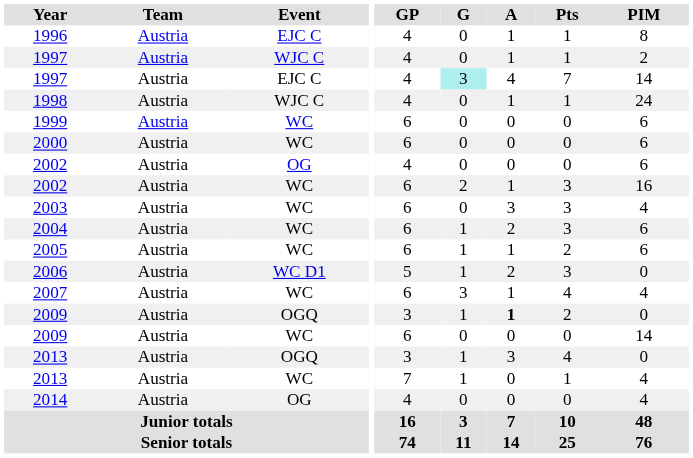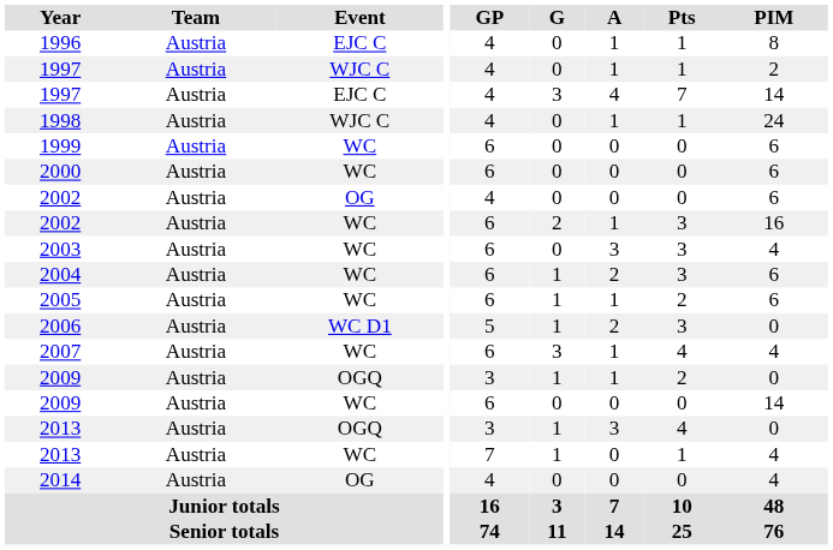 <table border="0" cellpadding="1" cellspacing="0" style="text-align:center; width:40em">
 <tr bgcolor="#e0e0e0">
 <th>Year</th>
 <th>Team</th>
 <th>Event</th>
 <th rowspan="99" bgcolor="#ffffff"></th>
 <th>GP</th>
 <th>G</th>
 <th>A</th>
 <th>Pts</th>
 <th>PIM</th>
 </tr>
 <tr>
 <td><a href='#'>1996</a></td>
 <td><a href='#'>Austria</a></td>
 <td><a href='#'>EJC C</a></td>
 <td>4</td>
 <td>0</td>
 <td>1</td>
 <td>1</td>
 <td>8</td>
 </tr>
 <tr bgcolor="#f0f0f0">
 <td><a href='#'>1997</a></td>
 <td><a href='#'>Austria</a></td>
 <td><a href='#'>WJC C</a></td>
 <td>4</td>
 <td>0</td>
 <td>1</td>
 <td>1</td>
 <td>2</td>
 </tr>
 <tr>
 <td><a href='#'>1997</a></td>
 <td>Austria</td>
 <td>EJC C</td>
 <td>4</td>
-<td style="background: paleturquoise;">3</td>
+<td>3</td>
 <td>4</td>
 <td>7</td>
 <td>14</td>
 </tr>
 <tr bgcolor="#f0f0f0">
 <td><a href='#'>1998</a></td>
 <td>Austria</td>
 <td>WJC C</td>
 <td>4</td>
 <td>0</td>
 <td>1</td>
 <td>1</td>
 <td>24</td>
 </tr>
 <tr>
 <td><a href='#'>1999</a></td>
 <td><a href='#'>Austria</a></td>
 <td><a href='#'>WC</a></td>
 <td>6</td>
 <td>0</td>
 <td>0</td>
 <td>0</td>
 <td>6</td>
 </tr>
 <tr bgcolor="#f0f0f0">
 <td><a href='#'>2000</a></td>
 <td>Austria</td>
 <td>WC</td>
 <td>6</td>
 <td>0</td>
 <td>0</td>
 <td>0</td>
 <td>6</td>
 </tr>
 <tr>
 <td><a href='#'>2002</a></td>
 <td>Austria</td>
 <td><a href='#'>OG</a></td>
 <td>4</td>
 <td>0</td>
 <td>0</td>
 <td>0</td>
 <td>6</td>
 </tr>
 <tr bgcolor="#f0f0f0">
 <td><a href='#'>2002</a></td>
 <td>Austria</td>
 <td>WC</td>
 <td>6</td>
 <td>2</td>
 <td>1</td>
 <td>3</td>
 <td>16</td>
 </tr>
 <tr>
 <td><a href='#'>2003</a></td>
 <td>Austria</td>
 <td>WC</td>
 <td>6</td>
 <td>0</td>
 <td>3</td>
 <td>3</td>
 <td>4</td>
 </tr>
 <tr bgcolor="#f0f0f0">
 <td><a href='#'>2004</a></td>
 <td>Austria</td>
 <td>WC</td>
 <td>6</td>
 <td>1</td>
 <td>2</td>
 <td>3</td>
 <td>6</td>
 </tr>
 <tr>
 <td><a href='#'>2005</a></td>
 <td>Austria</td>
 <td>WC</td>
 <td>6</td>
 <td>1</td>
 <td>1</td>
 <td>2</td>
 <td>6</td>
 </tr>
 <tr bgcolor="#f0f0f0">
 <td><a href='#'>2006</a></td>
 <td>Austria</td>
 <td><a href='#'>WC D1</a></td>
 <td>5</td>
 <td>1</td>
 <td>2</td>
 <td>3</td>
 <td>0</td>
 </tr>
 <tr>
 <td><a href='#'>2007</a></td>
 <td>Austria</td>
 <td>WC</td>
 <td>6</td>
 <td>3</td>
 <td>1</td>
 <td>4</td>
 <td>4</td>
 </tr>
 <tr bgcolor="#f0f0f0">
 <td><a href='#'>2009</a></td>
 <td>Austria</td>
 <td>OGQ</td>
 <td>3</td>
 <td>1</td>
-<td><strong>1</strong></td>
+<td>1</td>
 <td>2</td>
 <td>0</td>
 </tr>
 <tr>
 <td><a href='#'>2009</a></td>
 <td>Austria</td>
 <td>WC</td>
 <td>6</td>
 <td>0</td>
 <td>0</td>
 <td>0</td>
 <td>14</td>
 </tr>
 <tr bgcolor="#f0f0f0">
 <td><a href='#'>2013</a></td>
 <td>Austria</td>
 <td>OGQ</td>
 <td>3</td>
 <td>1</td>
 <td>3</td>
 <td>4</td>
 <td>0</td>
 </tr>
 <tr>
 <td><a href='#'>2013</a></td>
 <td>Austria</td>
 <td>WC</td>
 <td>7</td>
 <td>1</td>
 <td>0</td>
 <td>1</td>
 <td>4</td>
 </tr>
 <tr bgcolor="#f0f0f0">
 <td><a href='#'>2014</a></td>
 <td>Austria</td>
 <td>OG</td>
 <td>4</td>
 <td>0</td>
 <td>0</td>
 <td>0</td>
 <td>4</td>
 </tr>
 <tr bgcolor="#e0e0e0">
 <th colspan="3">Junior totals</th>
 <th>16</th>
 <th>3</th>
 <th>7</th>
 <th>10</th>
 <th>48</th>
 </tr>
 <tr bgcolor="#e0e0e0">
 <th colspan="3">Senior totals</th>
 <th>74</th>
 <th>11</th>
 <th>14</th>
 <th>25</th>
 <th>76</th>
 </tr>
 </table>
